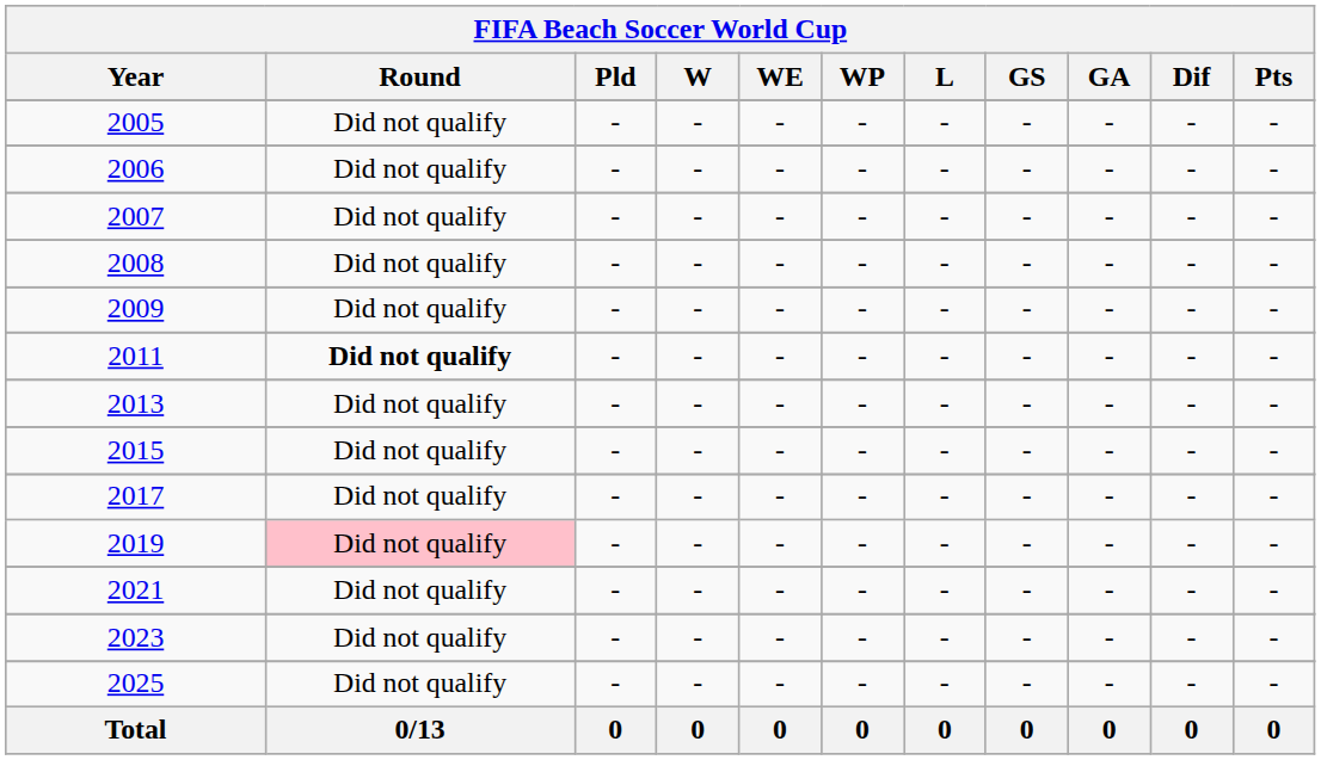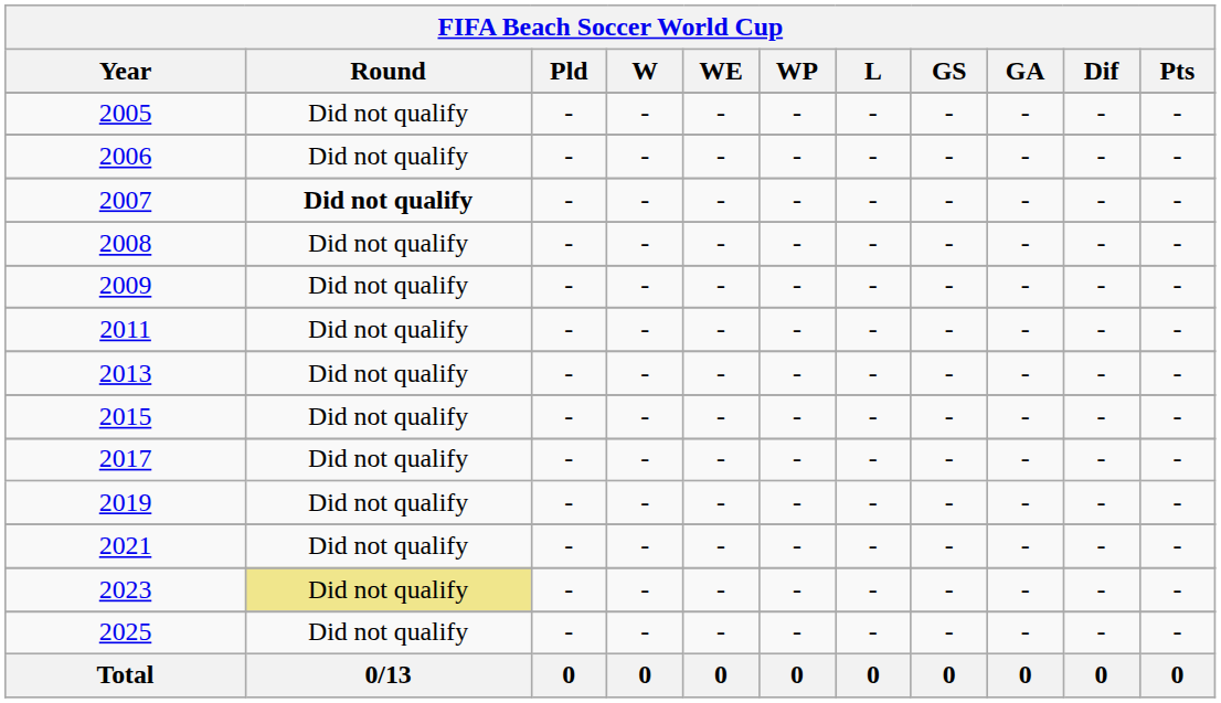 <table class="wikitable" style="text-align: center;font-size:90%;">
 <tr>
 <th colspan=11><a href='#'>FIFA Beach Soccer World Cup</a></th>
 </tr>
 <tr>
 <th width=125>Year</th>
 <th width=150>Round</th>
 <th width=35>Pld</th>
 <th width=35>W</th>
 <th width=35>WE</th>
 <th width=35>WP</th>
 <th width=35>L</th>
 <th width=35>GS</th>
 <th width=35>GA</th>
 <th width=35>Dif</th>
 <th width=35>Pts</th>
 </tr>
 <tr>
 </tr>
 <tr>
 <td> <a href='#'>2005</a></td>
 <td>Did not qualify</td>
 <td>-</td>
 <td>-</td>
 <td>-</td>
 <td>-</td>
 <td>-</td>
 <td>-</td>
 <td>-</td>
 <td>-</td>
 <td>-</td>
 </tr>
 <tr>
 </tr>
 <tr>
 <td> <a href='#'>2006</a></td>
 <td>Did not qualify</td>
 <td>-</td>
 <td>-</td>
 <td>-</td>
 <td>-</td>
 <td>-</td>
 <td>-</td>
 <td>-</td>
 <td>-</td>
 <td>-</td>
 </tr>
 <tr>
 </tr>
 <tr>
 <td> <a href='#'>2007</a></td>
-<td>Did not qualify</td>
+<td><strong>Did not qualify</strong></td>
 <td>-</td>
 <td>-</td>
 <td>-</td>
 <td>-</td>
 <td>-</td>
 <td>-</td>
 <td>-</td>
 <td>-</td>
 <td>-</td>
 </tr>
 <tr>
 </tr>
 <tr>
 <td> <a href='#'>2008</a></td>
 <td>Did not qualify</td>
 <td>-</td>
 <td>-</td>
 <td>-</td>
 <td>-</td>
 <td>-</td>
 <td>-</td>
 <td>-</td>
 <td>-</td>
 <td>-</td>
 </tr>
 <tr>
 </tr>
 <tr>
 <td> <a href='#'>2009</a></td>
 <td>Did not qualify</td>
 <td>-</td>
 <td>-</td>
 <td>-</td>
 <td>-</td>
 <td>-</td>
 <td>-</td>
 <td>-</td>
 <td>-</td>
 <td>-</td>
 </tr>
 <tr>
 </tr>
 <tr>
 <td> <a href='#'>2011</a></td>
-<td><strong>Did not qualify</strong></td>
+<td>Did not qualify</td>
 <td>-</td>
 <td>-</td>
 <td>-</td>
 <td>-</td>
 <td>-</td>
 <td>-</td>
 <td>-</td>
 <td>-</td>
 <td>-</td>
 </tr>
 <tr>
 </tr>
 <tr>
 <td> <a href='#'>2013</a></td>
 <td>Did not qualify</td>
 <td>-</td>
 <td>-</td>
 <td>-</td>
 <td>-</td>
 <td>-</td>
 <td>-</td>
 <td>-</td>
 <td>-</td>
 <td>-</td>
 </tr>
 <tr>
 </tr>
 <tr>
 <td> <a href='#'>2015</a></td>
 <td>Did not qualify</td>
 <td>-</td>
 <td>-</td>
 <td>-</td>
 <td>-</td>
 <td>-</td>
 <td>-</td>
 <td>-</td>
 <td>-</td>
 <td>-</td>
 </tr>
 <tr>
 </tr>
 <tr>
 <td> <a href='#'>2017</a></td>
 <td>Did not qualify</td>
 <td>-</td>
 <td>-</td>
 <td>-</td>
 <td>-</td>
 <td>-</td>
 <td>-</td>
 <td>-</td>
 <td>-</td>
 <td>-</td>
 </tr>
 <tr>
 <td> <a href='#'>2019</a></td>
-<td style="background: pink;">Did not qualify</td>
+<td>Did not qualify</td>
 <td>-</td>
 <td>-</td>
 <td>-</td>
 <td>-</td>
 <td>-</td>
 <td>-</td>
 <td>-</td>
 <td>-</td>
 <td>-</td>
 </tr>
 <tr>
 </tr>
 <tr>
 <td> <a href='#'>2021</a></td>
 <td>Did not qualify</td>
 <td>-</td>
 <td>-</td>
 <td>-</td>
 <td>-</td>
 <td>-</td>
 <td>-</td>
 <td>-</td>
 <td>-</td>
 <td>-</td>
 </tr>
 <tr>
 </tr>
 <tr>
 <td> <a href='#'>2023</a></td>
-<td>Did not qualify</td>
+<td style="background: khaki;">Did not qualify</td>
 <td>-</td>
 <td>-</td>
 <td>-</td>
 <td>-</td>
 <td>-</td>
 <td>-</td>
 <td>-</td>
 <td>-</td>
 <td>-</td>
 </tr>
 <tr>
 </tr>
 <tr>
 <td> <a href='#'>2025</a></td>
 <td>Did not qualify</td>
 <td>-</td>
 <td>-</td>
 <td>-</td>
 <td>-</td>
 <td>-</td>
 <td>-</td>
 <td>-</td>
 <td>-</td>
 <td>-</td>
 </tr>
 <tr>
 <th>Total</th>
 <th>0/13</th>
 <th>0</th>
 <th>0</th>
 <th>0</th>
 <th>0</th>
 <th>0</th>
 <th>0</th>
 <th>0</th>
 <th>0</th>
 <th>0</th>
 </tr>
 </table>
